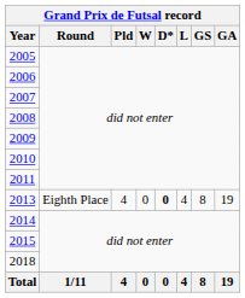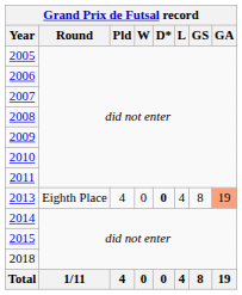 <table class="wikitable" style="text-align: center;font-size:100%;">
 <tr>
 <th colspan=8><a href='#'>Grand Prix de Futsal</a> record</th>
 </tr>
 <tr>
 <th>Year</th>
 <th>Round</th>
 <th>Pld</th>
 <th>W</th>
 <th>D*</th>
 <th>L</th>
 <th>GS</th>
 <th>GA</th>
 </tr>
 <tr>
 <td> <a href='#'>2005</a></td>
 <td colspan=9 rowspan=7><em>did not enter</em></td>
 </tr>
 <tr>
 <td> <a href='#'>2006</a></td>
 </tr>
 <tr>
 <td> <a href='#'>2007</a></td>
 </tr>
 <tr>
 <td> <a href='#'>2008</a></td>
 </tr>
 <tr>
 <td> <a href='#'>2009</a></td>
 </tr>
 <tr>
 <td> <a href='#'>2010</a></td>
 </tr>
 <tr>
 <td> <a href='#'>2011</a></td>
 </tr>
 <tr>
 <td> <a href='#'>2013</a></td>
 <td>Eighth Place</td>
 <td>4</td>
 <td>0</td>
 <td><strong>0</strong></td>
 <td>4</td>
 <td>8</td>
-<td>19</td>
+<td style="background: lightsalmon;">19</td>
 </tr>
 <tr>
 <td> <a href='#'>2014</a></td>
 <td colspan=9 rowspan=3><em>did not enter</em></td>
 </tr>
 <tr>
 <td> <a href='#'>2015</a></td>
 </tr>
 <tr>
 <td> 2018</td>
 </tr>
 <tr>
 <th><strong>Total</strong></th>
 <th>1/11</th>
 <th>4</th>
 <th>0</th>
 <th>0</th>
 <th>4</th>
 <th>8</th>
 <th>19</th>
 </tr>
 </table>
